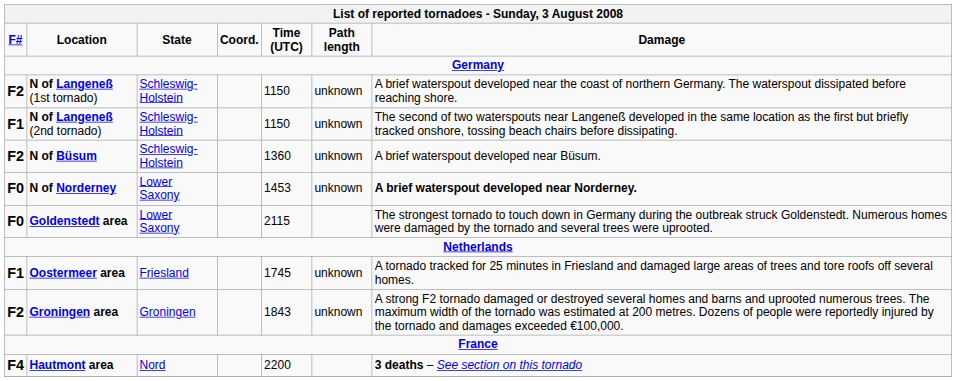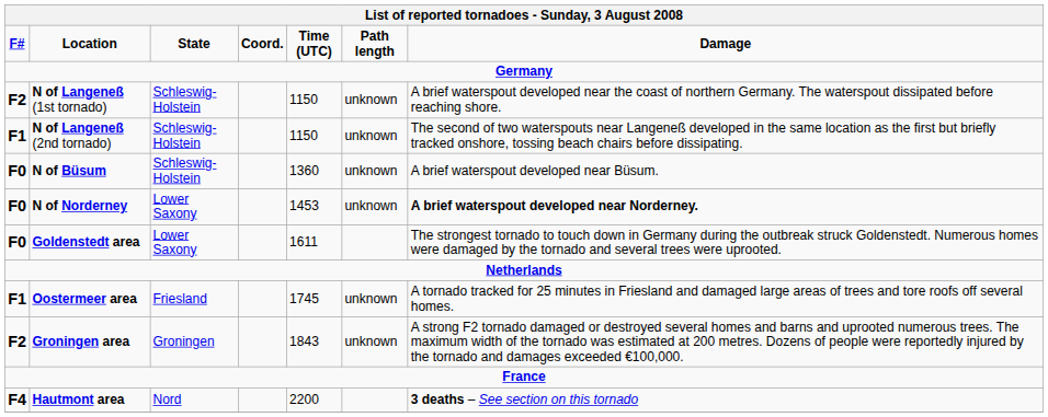 <table class="wikitable" width="100%">
 <tr>
 <th colspan="7">List of reported tornadoes - Sunday, 3 August 2008</th>
 </tr>
 <tr>
 <td style="text-align: center;"><strong><a href='#'>F#</a></strong></td>
 <td style="text-align: center;"><strong>Location</strong></td>
 <td style="text-align: center;"><strong>State</strong></td>
 <td style="text-align: center;"><strong>Coord.</strong></td>
 <td style="text-align: center;"><strong>Time (UTC)</strong></td>
 <td style="text-align: center;"><strong>Path length</strong></td>
 <td style="text-align: center;"><strong>Damage</strong></td>
 </tr>
 <tr>
 <td colspan="7" align=center><strong><a href='#'>Germany</a></strong></td>
 </tr>
 <tr>
 <td><big><strong>F2</strong></big></td>
 <td><strong>N of <a href='#'>Langeneß</a></strong> (1st tornado)</td>
 <td><a href='#'>Schleswig-Holstein</a></td>
 <td></td>
 <td>1150</td>
 <td>unknown</td>
 <td>A brief waterspout developed near the coast of northern Germany. The waterspout dissipated before reaching shore.</td>
 </tr>
 <tr>
 <td><big><strong>F1</strong></big></td>
 <td><strong>N of <a href='#'>Langeneß</a></strong> (2nd tornado)</td>
 <td><a href='#'>Schleswig-Holstein</a></td>
 <td></td>
 <td>1150</td>
 <td>unknown</td>
 <td>The second of two waterspouts near Langeneß developed in the same location as the first but briefly tracked onshore, tossing beach chairs before dissipating.</td>
 </tr>
 <tr>
-<td><big><strong>F2</strong></big></td>
+<td><big><strong>F0</strong></big></td>
 <td><strong>N of <a href='#'>Büsum</a></strong></td>
 <td><a href='#'>Schleswig-Holstein</a></td>
 <td></td>
 <td>1360</td>
 <td>unknown</td>
 <td>A brief waterspout developed near Büsum.</td>
 </tr>
 <tr>
 <td><big><strong>F0</strong></big></td>
 <td><strong>N of <a href='#'>Norderney</a></strong></td>
 <td><a href='#'>Lower Saxony</a></td>
 <td></td>
 <td>1453</td>
 <td>unknown</td>
 <td><strong>A brief waterspout developed near Norderney.</strong></td>
 </tr>
 <tr>
 <td><big><strong>F0</strong></big></td>
 <td><strong><a href='#'>Goldenstedt</a> area</strong></td>
 <td><a href='#'>Lower Saxony</a></td>
 <td></td>
-<td>2115</td>
+<td>1611</td>
 <td></td>
 <td>The strongest tornado to touch down in Germany during the outbreak struck Goldenstedt. Numerous homes were damaged by the tornado and several trees were uprooted.</td>
 </tr>
 <tr>
 <td colspan="7" align=center><strong><a href='#'>Netherlands</a></strong></td>
 </tr>
 <tr>
 <td><big><strong>F1</strong></big></td>
 <td><strong><a href='#'>Oostermeer</a> area</strong></td>
 <td><a href='#'>Friesland</a></td>
 <td></td>
 <td>1745</td>
 <td>unknown</td>
 <td>A tornado tracked for 25 minutes in Friesland and damaged large areas of trees and tore roofs off several homes.</td>
 </tr>
 <tr>
 <td><big><strong>F2</strong></big></td>
 <td><strong><a href='#'>Groningen</a> area</strong></td>
 <td><a href='#'>Groningen</a></td>
 <td></td>
 <td>1843</td>
 <td>unknown</td>
 <td>A strong F2 tornado damaged or destroyed several homes and barns and uprooted numerous trees. The maximum width of the tornado was estimated at 200 metres. Dozens of people were reportedly injured by the tornado and damages exceeded €100,000.</td>
 </tr>
 <tr>
 <td colspan="7" align=center><strong><a href='#'>France</a></strong></td>
 </tr>
 <tr>
 <td><big><strong>F4</strong></big></td>
 <td><strong><a href='#'>Hautmont</a> area</strong></td>
 <td><a href='#'>Nord</a></td>
 <td></td>
 <td>2200</td>
 <td></td>
 <td><strong>3 deaths</strong> – <em><a href='#'>See section on this tornado</a></em></td>
 </tr>
 <tr>
 </tr>
 </table>
